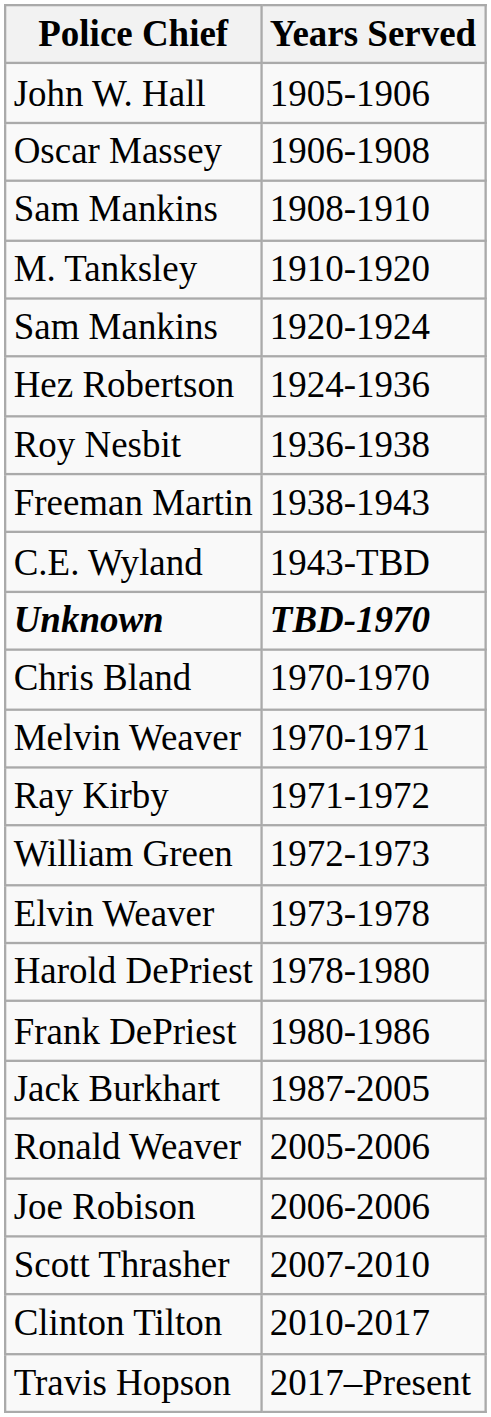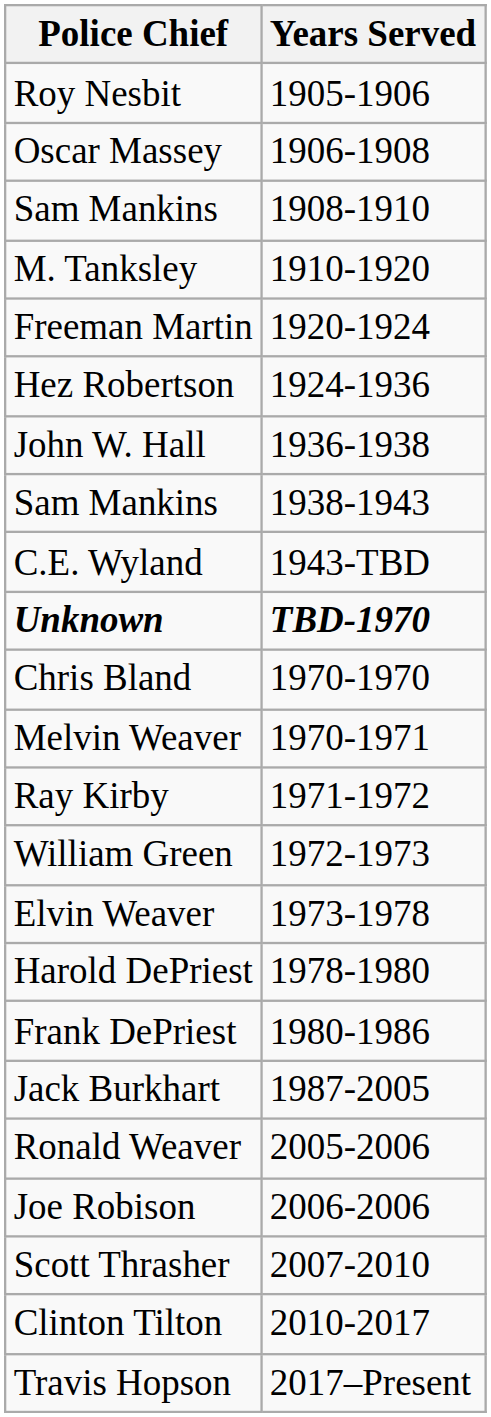 <table class="wikitable">
 <tr>
 <th>Police Chief</th>
 <th>Years Served</th>
 </tr>
 <tr>
-<td>John W. Hall</td>
+<td>Roy Nesbit</td>
 <td>1905-1906</td>
 </tr>
 <tr>
 <td>Oscar Massey</td>
 <td>1906-1908</td>
 </tr>
 <tr>
 <td>Sam Mankins</td>
 <td>1908-1910</td>
 </tr>
 <tr>
 <td>M. Tanksley</td>
 <td>1910-1920</td>
 </tr>
 <tr>
-<td>Sam Mankins</td>
+<td>Freeman Martin</td>
 <td>1920-1924</td>
 </tr>
 <tr>
 <td>Hez Robertson</td>
 <td>1924-1936</td>
 </tr>
 <tr>
-<td>Roy Nesbit</td>
+<td>John W. Hall</td>
 <td>1936-1938</td>
 </tr>
 <tr>
-<td>Freeman Martin</td>
+<td>Sam Mankins</td>
 <td>1938-1943</td>
 </tr>
 <tr>
 <td>C.E. Wyland</td>
 <td>1943-TBD</td>
 </tr>
 <tr>
 <td><strong><em>Unknown</em></strong></td>
 <td><strong><em>TBD-1970</em></strong></td>
 </tr>
 <tr>
 <td>Chris Bland</td>
 <td>1970-1970</td>
 </tr>
 <tr>
 <td>Melvin Weaver</td>
 <td>1970-1971</td>
 </tr>
 <tr>
 <td>Ray Kirby</td>
 <td>1971-1972</td>
 </tr>
 <tr>
 <td>William Green</td>
 <td>1972-1973</td>
 </tr>
 <tr>
 <td>Elvin Weaver</td>
 <td>1973-1978</td>
 </tr>
 <tr>
 <td>Harold DePriest</td>
 <td>1978-1980</td>
 </tr>
 <tr>
 <td>Frank DePriest</td>
 <td>1980-1986</td>
 </tr>
 <tr>
 <td>Jack Burkhart</td>
 <td>1987-2005</td>
 </tr>
 <tr>
 <td>Ronald Weaver</td>
 <td>2005-2006</td>
 </tr>
 <tr>
 <td>Joe Robison</td>
 <td>2006-2006</td>
 </tr>
 <tr>
 <td>Scott Thrasher</td>
 <td>2007-2010</td>
 </tr>
 <tr>
 <td>Clinton Tilton</td>
 <td>2010-2017</td>
 </tr>
 <tr>
 <td>Travis Hopson</td>
 <td>2017–Present</td>
 </tr>
 </table>
